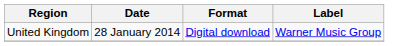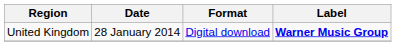 <table class=wikitable>
 <tr>
 <th>Region</th>
 <th>Date</th>
 <th>Format</th>
 <th>Label</th>
 </tr>
 <tr>
 <td>United Kingdom</td>
 <td>28 January 2014</td>
 <td><a href='#'>Digital download</a></td>
-<td><a href='#'>Warner Music Group</a></td>
+<td><strong><a href='#'>Warner Music Group</a></strong></td>
 </tr>
 <tr>
 </tr>
 </table>
